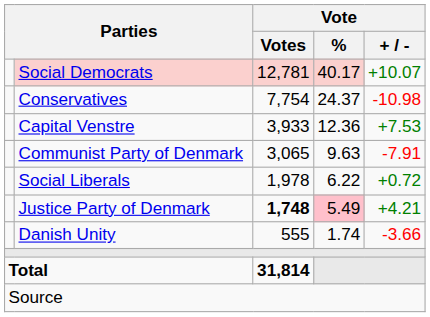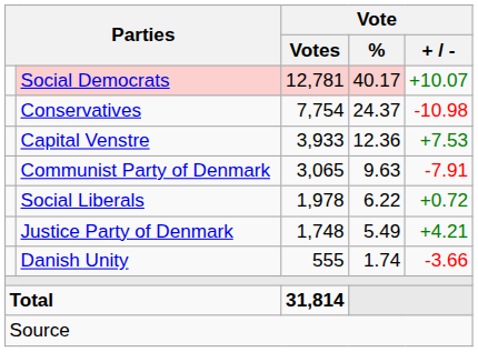 <table class="wikitable" style="text-align:right;">
 <tr>
 <th style="text-align:centre;" rowspan="2" colspan="2" width="225">Parties</th>
 <th colspan="3">Vote</th>
 </tr>
 <tr>
 <th width="15">Votes</th>
 <th width="15">%</th>
 <th width="15">+ / -</th>
 </tr>
 <tr>
 <td width="2" style="color:inherit;background:"></td>
 <td bgcolor=#fbd0ce  align="left"><a href='#'>Social Democrats</a></td>
 <td bgcolor=#fbd0ce>12,781</td>
 <td bgcolor=#fbd0ce>40.17</td>
 <td style=color:green;>+10.07</td>
 </tr>
 <tr>
 <td width="2" style="color:inherit;background:"></td>
 <td align="left"><a href='#'>Conservatives</a></td>
 <td>7,754</td>
 <td>24.37</td>
 <td style=color:red;>-10.98</td>
 </tr>
 <tr>
 <td width="2" style="color:inherit;background:"></td>
 <td align="left"><a href='#'>Capital Venstre</a></td>
 <td>3,933</td>
 <td>12.36</td>
 <td style=color:green;>+7.53</td>
 </tr>
 <tr>
 <td width="2" style="color:inherit;background:"></td>
 <td align="left"><a href='#'>Communist Party of Denmark</a></td>
 <td>3,065</td>
 <td>9.63</td>
 <td style=color:red;>-7.91</td>
 </tr>
 <tr>
 <td width="2" style="color:inherit;background:"></td>
 <td align="left"><a href='#'>Social Liberals</a></td>
 <td>1,978</td>
 <td>6.22</td>
 <td style=color:green;>+0.72</td>
 </tr>
 <tr>
 <td width="2" style="color:inherit;background:"></td>
 <td align="left"><a href='#'>Justice Party of Denmark</a></td>
-<td><strong>1,748</strong></td>
-<td style="background: pink;">5.49</td>
+<td>1,748</td>
+<td>5.49</td>
 <td style=color:green;>+4.21</td>
 </tr>
 <tr>
 <td width="2" style="color:inherit;background:"></td>
 <td align="left"><a href='#'>Danish Unity</a></td>
 <td>555</td>
 <td>1.74</td>
 <td style=color:red;>-3.66</td>
 </tr>
 <tr>
 <td colspan="7" bgcolor="#E9E9E9"></td>
 </tr>
 <tr>
 <td align="left" colspan="2"><strong>Total</strong></td>
 <td><strong>31,814</strong></td>
 <td bgcolor="#E9E9E9" colspan="2"></td>
 </tr>
 <tr>
 <td align="left" colspan="6">Source</td>
 </tr>
 </table>
